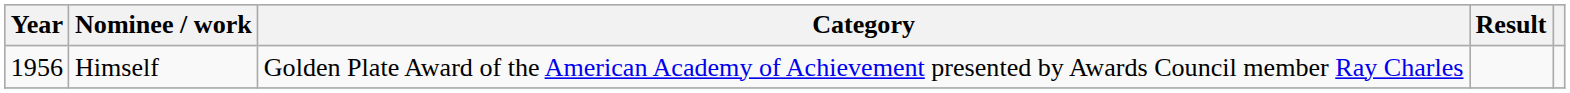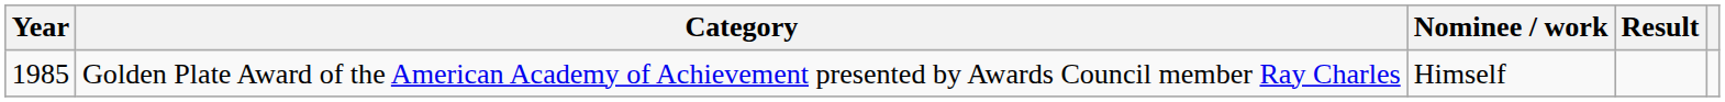 <table class="wikitable">
 <tr>
 <th>Year</th>
+<th>Category</th>
 <th>Nominee / work</th>
-<th>Category</th>
 <th>Result</th>
 <th></th>
 </tr>
 <tr>
-<td>1956</td>
+<td>1985</td>
+<td>Golden Plate Award of the <a href='#'>American Academy of Achievement</a> presented by Awards Council member <a href='#'>Ray Charles</a></td>
 <td>Himself</td>
-<td>Golden Plate Award of the <a href='#'>American Academy of Achievement</a> presented by Awards Council member <a href='#'>Ray Charles</a></td>
 <td></td>
 <td></td>
 </tr>
 </table>
